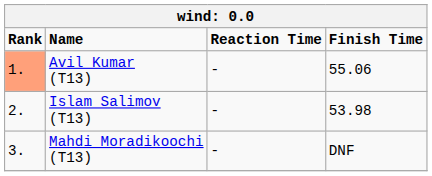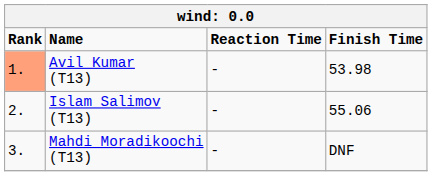 <table class="wikitable">
 <tr>
 <th colspan="4">wind: 0.0</th>
 </tr>
 <tr>
 <td><strong>Rank</strong></td>
 <td><strong>Name</strong></td>
 <td><strong>Reaction Time</strong></td>
 <td><strong>Finish Time</strong></td>
 </tr>
 <tr>
 <td style="background: lightsalmon;">1.</td>
 <td><a href='#'>Avil Kumar</a><br>(T13)<br></td>
 <td>-</td>
-<td>55.06</td>
+<td>53.98</td>
 </tr>
 <tr>
 <td>2.</td>
 <td><a href='#'>Islam Salimov</a><br>(T13)<br></td>
 <td>-</td>
-<td>53.98</td>
+<td>55.06</td>
 </tr>
 <tr>
 <td>3.</td>
 <td><a href='#'>Mahdi Moradikoochi</a><br>(T13)<br></td>
 <td>-</td>
 <td>DNF</td>
 </tr>
 <tr>
 </tr>
 </table>
